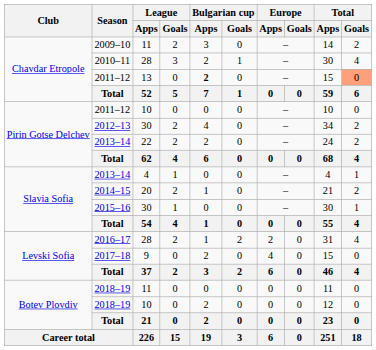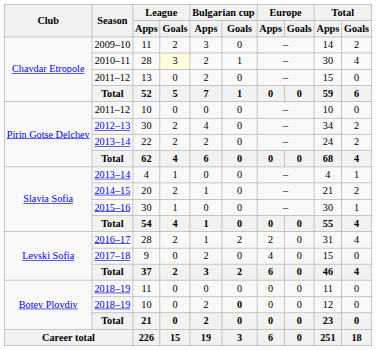 <table class="wikitable" style="text-align:center">
 <tr>
 <th rowspan="2">Club</th>
 <th rowspan="2">Season</th>
 <th colspan="2">League</th>
 <th colspan="2">Bulgarian cup</th>
 <th colspan="2">Europe</th>
 <th colspan="2">Total</th>
 </tr>
 <tr>
 <th>Apps</th>
 <th>Goals</th>
 <th>Apps</th>
 <th>Goals</th>
 <th>Apps</th>
 <th>Goals</th>
 <th>Apps</th>
 <th>Goals</th>
 </tr>
 <tr>
 <td rowspan="4"><a href='#'>Chavdar Etropole</a></td>
 <td>2009–10</td>
 <td>11</td>
 <td>2</td>
 <td>3</td>
 <td>0</td>
 <td colspan="2">–</td>
 <td>14</td>
 <td>2</td>
 </tr>
 <tr>
 <td>2010–11</td>
 <td>28</td>
-<td>3</td>
+<td style="background: lightyellow;">3</td>
 <td>2</td>
 <td>1</td>
 <td colspan="2">–</td>
 <td>30</td>
 <td>4</td>
 </tr>
 <tr>
 <td>2011–12</td>
 <td>13</td>
 <td>0</td>
-<td><strong>2</strong></td>
+<td>2</td>
 <td>0</td>
 <td colspan="2">–</td>
 <td>15</td>
-<td style="background: lightsalmon;">0</td>
+<td>0</td>
 </tr>
 <tr>
 <th colspan="1">Total</th>
 <th>52</th>
 <th>5</th>
 <th>7</th>
 <th>1</th>
 <th>0</th>
 <th>0</th>
 <th>59</th>
 <th>6</th>
 </tr>
 <tr>
 <td rowspan="4"><a href='#'>Pirin Gotse Delchev</a></td>
 <td>2011–12</td>
 <td>10</td>
 <td>0</td>
 <td>0</td>
 <td>0</td>
 <td colspan="2">–</td>
 <td>10</td>
 <td>0</td>
 </tr>
 <tr>
 <td><a href='#'>2012–13</a></td>
 <td>30</td>
 <td>2</td>
 <td>4</td>
 <td>0</td>
 <td colspan="2">–</td>
 <td>34</td>
 <td>2</td>
 </tr>
 <tr>
 <td><a href='#'>2013–14</a></td>
 <td>22</td>
 <td>2</td>
 <td>2</td>
 <td>0</td>
 <td colspan="2">–</td>
 <td>24</td>
 <td>2</td>
 </tr>
 <tr>
 <th colspan="1">Total</th>
 <th>62</th>
 <th>4</th>
 <th>6</th>
 <th>0</th>
 <th>0</th>
 <th>0</th>
 <th>68</th>
 <th>4</th>
 </tr>
 <tr>
 <td rowspan="4"><a href='#'>Slavia Sofia</a></td>
 <td><a href='#'>2013–14</a></td>
 <td>4</td>
 <td>1</td>
 <td>0</td>
 <td>0</td>
 <td colspan="2">–</td>
 <td>4</td>
 <td>1</td>
 </tr>
 <tr>
 <td><a href='#'>2014–15</a></td>
 <td>20</td>
 <td>2</td>
 <td>1</td>
 <td>0</td>
 <td colspan="2">–</td>
 <td>21</td>
 <td>2</td>
 </tr>
 <tr>
 <td><a href='#'>2015–16</a></td>
 <td>30</td>
 <td>1</td>
 <td>0</td>
 <td>0</td>
 <td colspan="2">–</td>
 <td>30</td>
 <td>1</td>
 </tr>
 <tr>
 <th colspan="1">Total</th>
 <th>54</th>
 <th>4</th>
 <th>1</th>
 <th>0</th>
 <th>0</th>
 <th>0</th>
 <th>55</th>
 <th>4</th>
 </tr>
 <tr>
 <td rowspan="3"><a href='#'>Levski Sofia</a></td>
 <td><a href='#'>2016–17</a></td>
 <td>28</td>
 <td>2</td>
 <td>1</td>
 <td>2</td>
 <td>2</td>
 <td>0</td>
 <td>31</td>
 <td>4</td>
 </tr>
 <tr>
 <td><a href='#'>2017–18</a></td>
 <td>9</td>
 <td>0</td>
 <td>2</td>
 <td>0</td>
 <td>4</td>
 <td>0</td>
 <td>15</td>
 <td>0</td>
 </tr>
 <tr>
 <th colspan="1">Total</th>
 <th>37</th>
 <th>2</th>
 <th>3</th>
 <th>2</th>
 <th>6</th>
 <th>0</th>
 <th>46</th>
 <th>4</th>
 </tr>
 <tr>
 <td rowspan="3"><a href='#'>Botev Plovdiv</a></td>
 <td><a href='#'>2018–19</a></td>
 <td>11</td>
 <td>0</td>
 <td>0</td>
 <td>0</td>
 <td>0</td>
 <td>0</td>
 <td>11</td>
 <td>0</td>
 </tr>
 <tr>
 <td><a href='#'>2018–19</a></td>
 <td>10</td>
 <td>0</td>
 <td>2</td>
-<td>0</td>
+<td><strong>0</strong></td>
 <td>0</td>
 <td>0</td>
 <td>12</td>
 <td>0</td>
 </tr>
 <tr>
 <th colspan="1">Total</th>
 <th>21</th>
 <th>0</th>
 <th>2</th>
 <th>0</th>
 <th>0</th>
 <th>0</th>
 <th>23</th>
 <th>0</th>
 </tr>
 <tr>
 <th colspan="2">Career total</th>
 <th>226</th>
 <th>15</th>
 <th>19</th>
 <th>3</th>
 <th>6</th>
 <th>0</th>
 <th>251</th>
 <th>18</th>
 </tr>
 </table>
